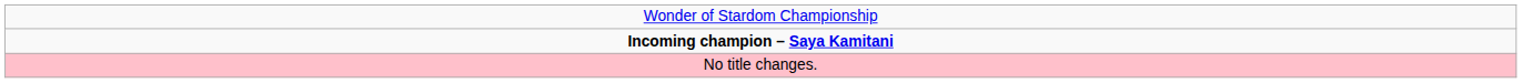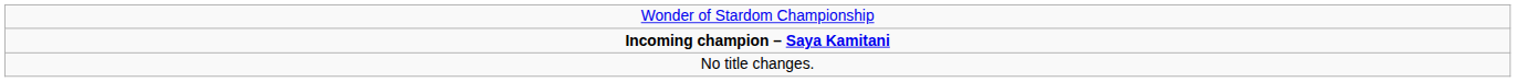 <table class="wikitable" style="text-align:center; width:100%;">
 <tr>
 <td style="text-align: center;"><a href='#'>Wonder of Stardom Championship</a></td>
 </tr>
 <tr>
 <td style="text-align: center;"><strong>Incoming champion – <a href='#'>Saya Kamitani</a></strong></td>
 </tr>
 <tr>
-<td style="background: pink;">No title changes.</td>
+<td>No title changes.</td>
 </tr>
 </table>
